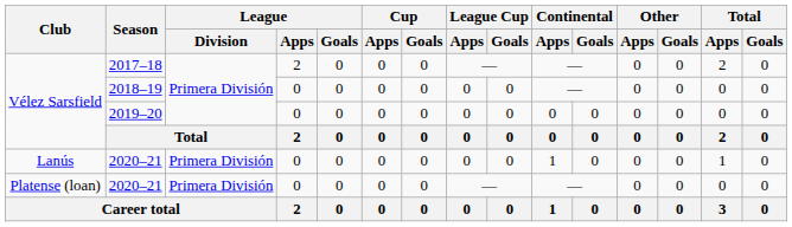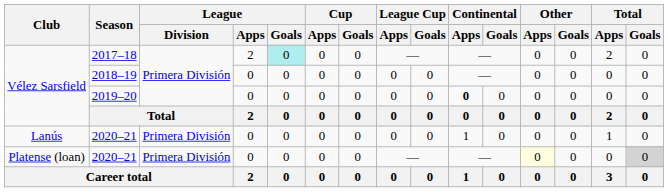 <table class="wikitable" style="text-align:center">
 <tr>
 <th rowspan="2">Club</th>
 <th rowspan="2">Season</th>
 <th colspan="3">League</th>
 <th colspan="2">Cup</th>
 <th colspan="2">League Cup</th>
 <th colspan="2">Continental</th>
 <th colspan="2">Other</th>
 <th colspan="2">Total</th>
 </tr>
 <tr>
 <th>Division</th>
 <th>Apps</th>
 <th>Goals</th>
 <th>Apps</th>
 <th>Goals</th>
 <th>Apps</th>
 <th>Goals</th>
 <th>Apps</th>
 <th>Goals</th>
 <th>Apps</th>
 <th>Goals</th>
 <th>Apps</th>
 <th>Goals</th>
 </tr>
 <tr>
 <td rowspan="4"><a href='#'>Vélez Sarsfield</a></td>
 <td><a href='#'>2017–18</a></td>
 <td rowspan="3"><a href='#'>Primera División</a></td>
 <td>2</td>
-<td>0</td>
+<td style="background: paleturquoise;">0</td>
 <td>0</td>
 <td>0</td>
 <td colspan="2">—</td>
 <td colspan="2">—</td>
 <td>0</td>
 <td>0</td>
 <td>2</td>
 <td>0</td>
 </tr>
 <tr>
 <td><a href='#'>2018–19</a></td>
 <td>0</td>
 <td>0</td>
 <td>0</td>
 <td>0</td>
 <td>0</td>
 <td>0</td>
 <td colspan="2">—</td>
 <td>0</td>
 <td>0</td>
 <td>0</td>
 <td>0</td>
 </tr>
 <tr>
 <td><a href='#'>2019–20</a></td>
 <td>0</td>
 <td>0</td>
 <td>0</td>
 <td>0</td>
 <td>0</td>
 <td>0</td>
-<td>0</td>
+<td><strong>0</strong></td>
 <td>0</td>
 <td>0</td>
 <td>0</td>
 <td>0</td>
 <td>0</td>
 </tr>
 <tr>
 <th colspan="2">Total</th>
 <th>2</th>
 <th>0</th>
 <th>0</th>
 <th>0</th>
 <th>0</th>
 <th>0</th>
 <th>0</th>
 <th>0</th>
 <th>0</th>
 <th>0</th>
 <th>2</th>
 <th>0</th>
 </tr>
 <tr>
 <td rowspan="1"><a href='#'>Lanús</a></td>
 <td><a href='#'>2020–21</a></td>
 <td rowspan="1"><a href='#'>Primera División</a></td>
 <td>0</td>
 <td>0</td>
 <td>0</td>
 <td>0</td>
 <td>0</td>
 <td>0</td>
 <td>1</td>
 <td>0</td>
 <td>0</td>
 <td>0</td>
 <td>1</td>
 <td>0</td>
 </tr>
 <tr>
 <td rowspan="1"><a href='#'>Platense</a> (loan)</td>
 <td><a href='#'>2020–21</a></td>
 <td rowspan="1"><a href='#'>Primera División</a></td>
 <td>0</td>
 <td>0</td>
 <td>0</td>
 <td>0</td>
 <td colspan="2">—</td>
 <td colspan="2">—</td>
+<td style="background: lightyellow;">0</td>
 <td>0</td>
 <td>0</td>
-<td>0</td>
-<td>0</td>
+<td style="background: lightgrey;">0</td>
 </tr>
 <tr>
 <th colspan="3">Career total</th>
 <th>2</th>
 <th>0</th>
 <th>0</th>
 <th>0</th>
 <th>0</th>
 <th>0</th>
 <th>1</th>
 <th>0</th>
 <th>0</th>
 <th>0</th>
 <th>3</th>
 <th>0</th>
 </tr>
 </table>
